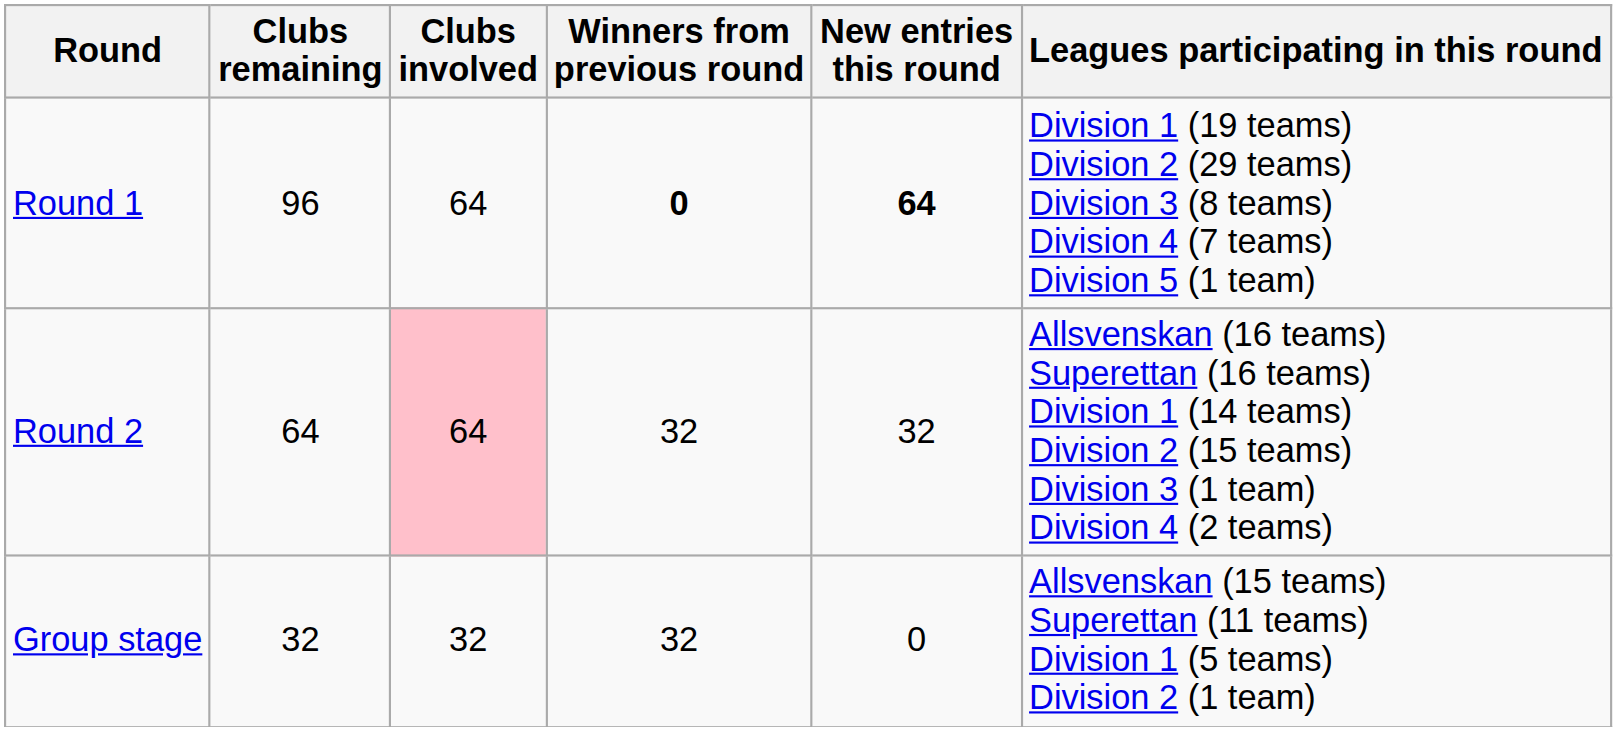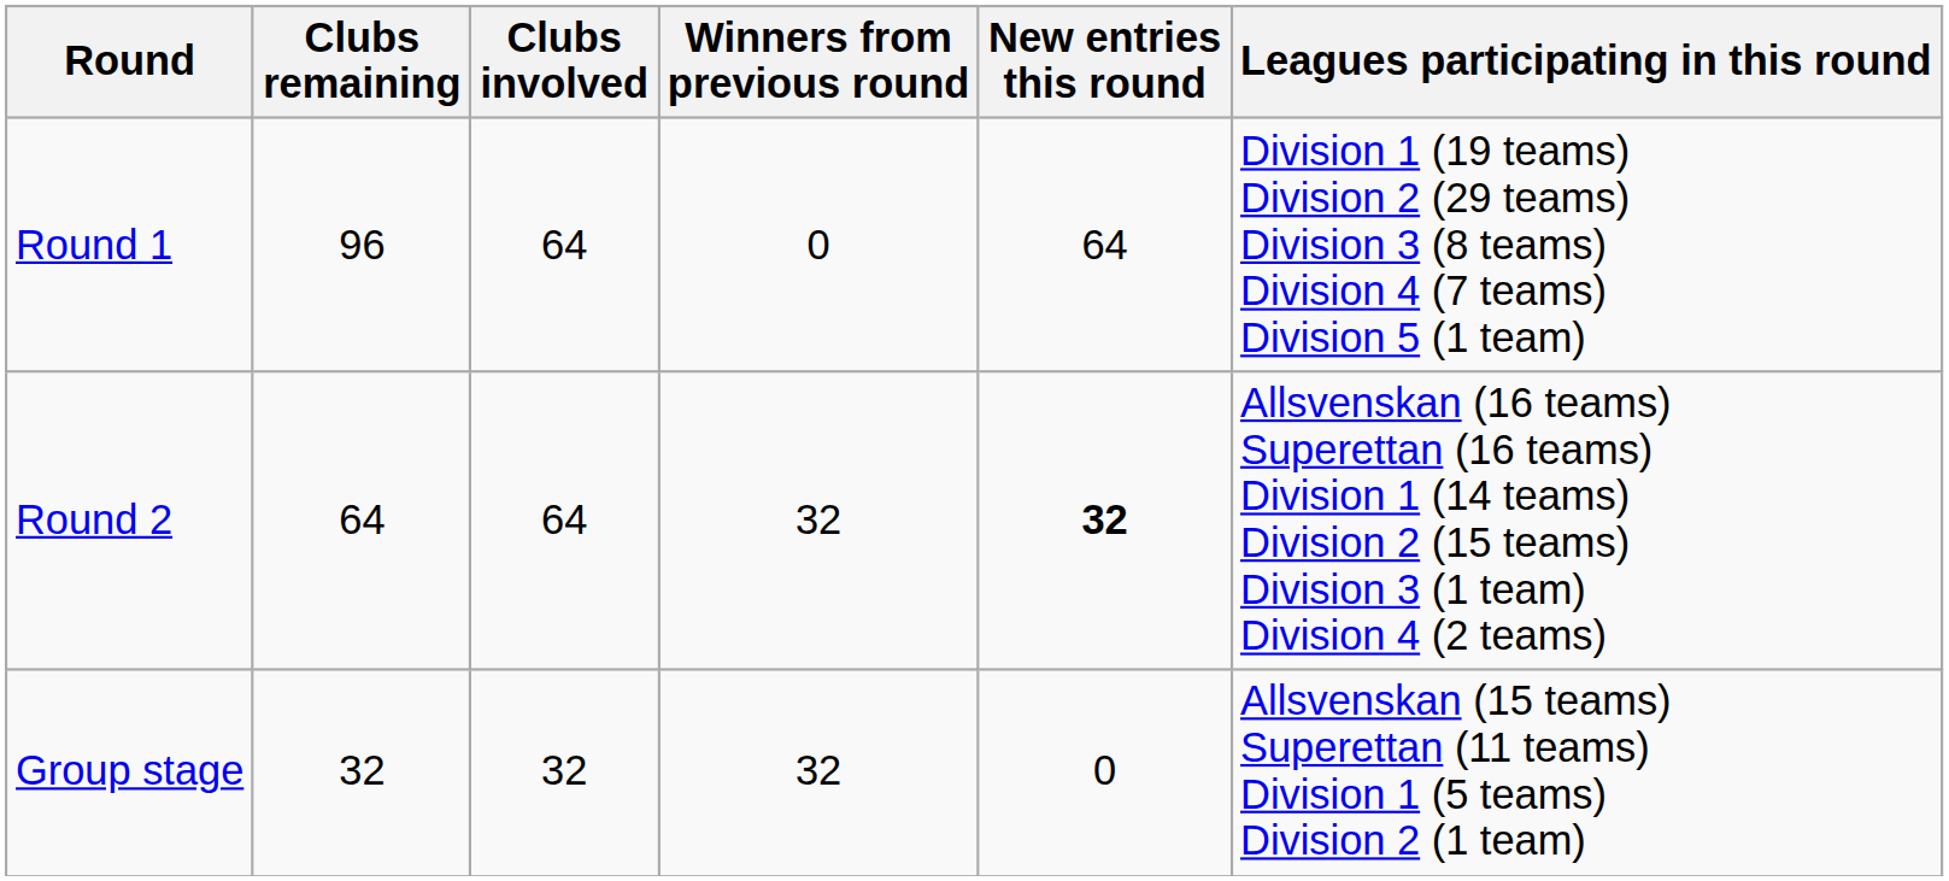 <table class="wikitable">
 <tr>
 <th>Round</th>
 <th>Clubs<br>remaining</th>
 <th>Clubs<br>involved</th>
 <th>Winners from<br>previous round</th>
 <th>New entries<br>this round</th>
 <th>Leagues participating in this round</th>
 </tr>
 <tr>
 <td><a href='#'>Round 1</a></td>
 <td style="text-align:center;">96</td>
 <td style="text-align:center;">64</td>
-<td style="text-align:center;"><strong>0</strong></td>
-<td style="text-align:center;"><strong>64</strong></td>
+<td style="text-align:center;">0</td>
+<td style="text-align:center;">64</td>
 <td><a href='#'>Division 1</a> (19 teams)<br><a href='#'>Division 2</a> (29 teams)<br><a href='#'>Division 3</a> (8 teams)<br><a href='#'>Division 4</a> (7 teams)<br><a href='#'>Division 5</a> (1 team)</td>
 </tr>
 <tr>
 <td><a href='#'>Round 2</a></td>
 <td style="text-align:center;">64</td>
-<td style="background: pink; text-align:center;">64</td>
+<td style="text-align:center;">64</td>
 <td style="text-align:center;">32</td>
-<td style="text-align:center;">32</td>
+<td style="text-align:center;"><strong>32</strong></td>
 <td><a href='#'>Allsvenskan</a> (16 teams)<br><a href='#'>Superettan</a> (16 teams)<br> <a href='#'>Division 1</a> (14 teams)<br><a href='#'>Division 2</a> (15 teams)<br><a href='#'>Division 3</a> (1 team)<br><a href='#'>Division 4</a> (2 teams)</td>
 </tr>
 <tr>
 <td><a href='#'>Group stage</a></td>
 <td style="text-align:center;">32</td>
 <td style="text-align:center;">32</td>
 <td style="text-align:center;">32</td>
 <td style="text-align:center;">0</td>
 <td><a href='#'>Allsvenskan</a> (15 teams)<br><a href='#'>Superettan</a> (11 teams)<br> <a href='#'>Division 1</a> (5 teams)<br><a href='#'>Division 2</a> (1 team)</td>
 </tr>
 <tr>
 </tr>
 </table>
